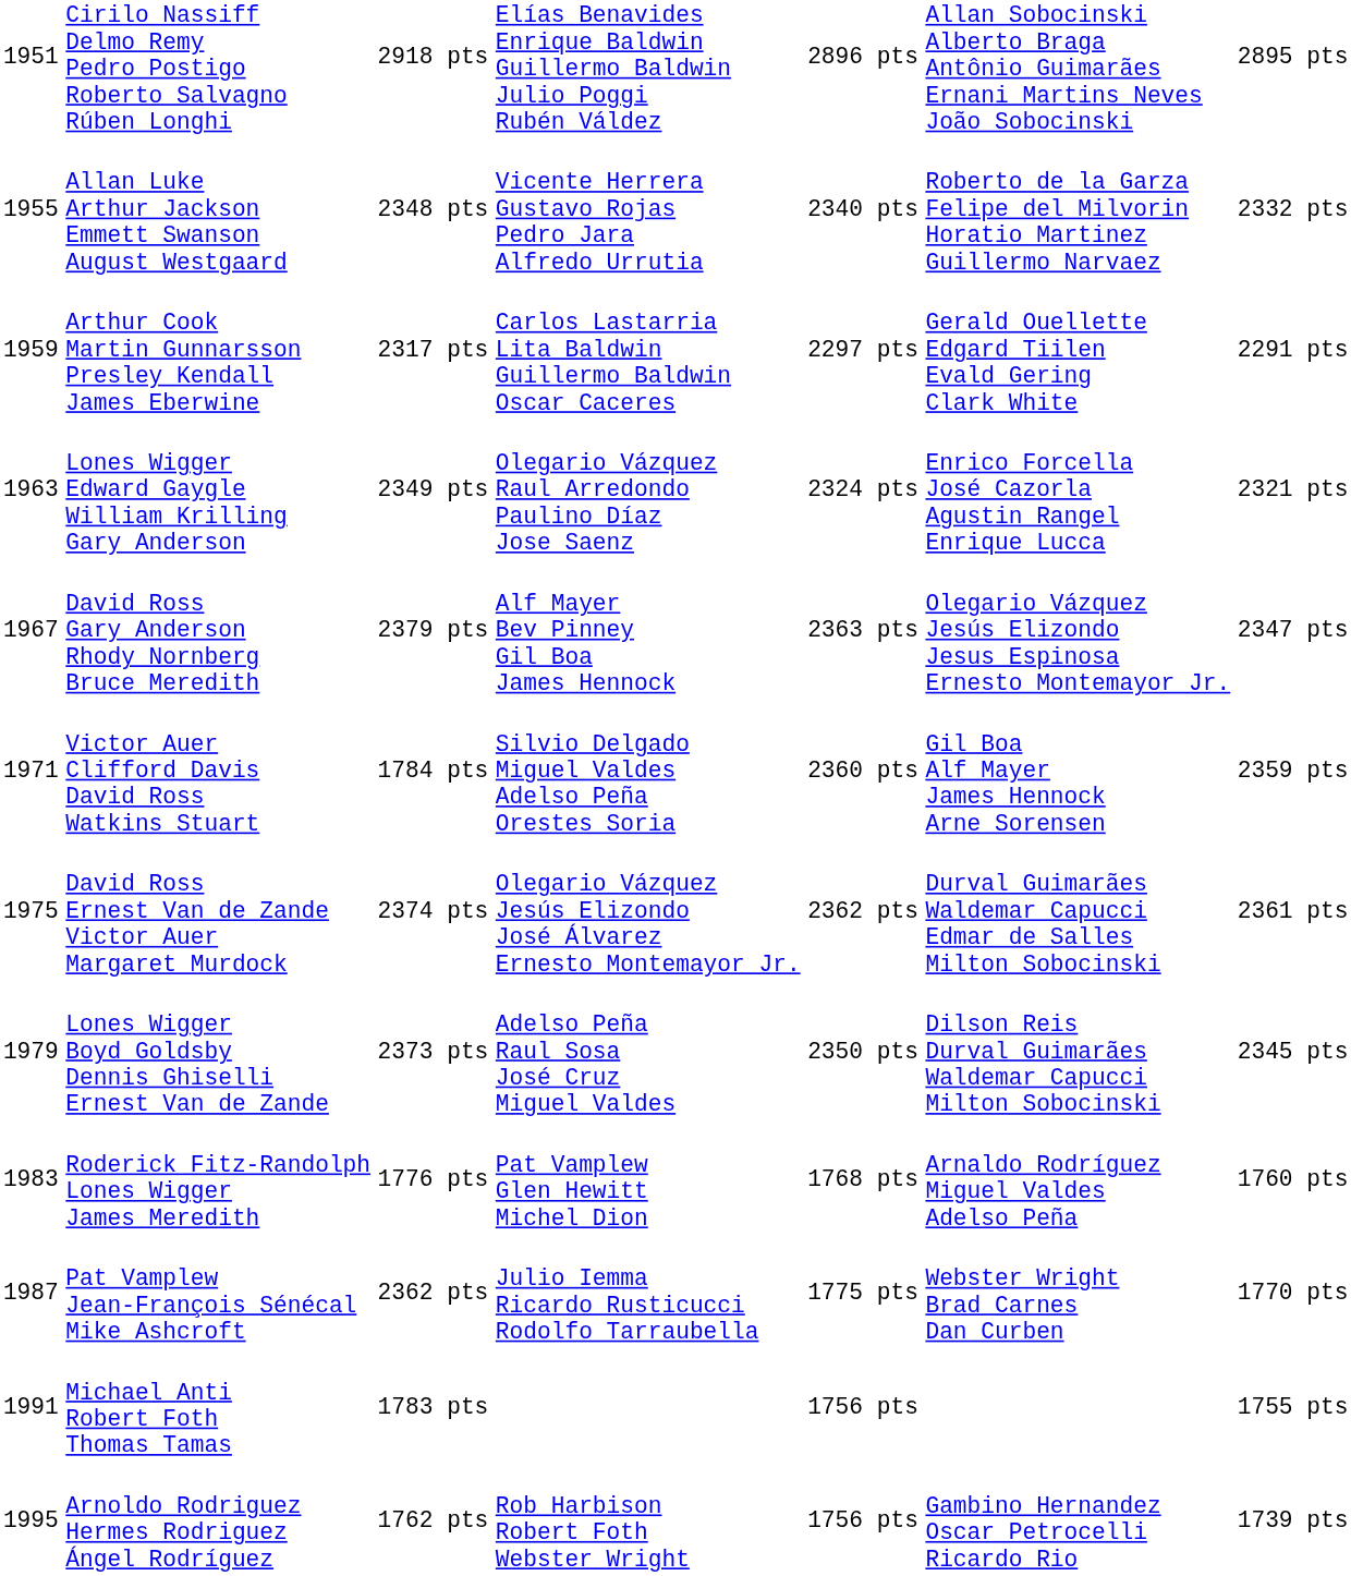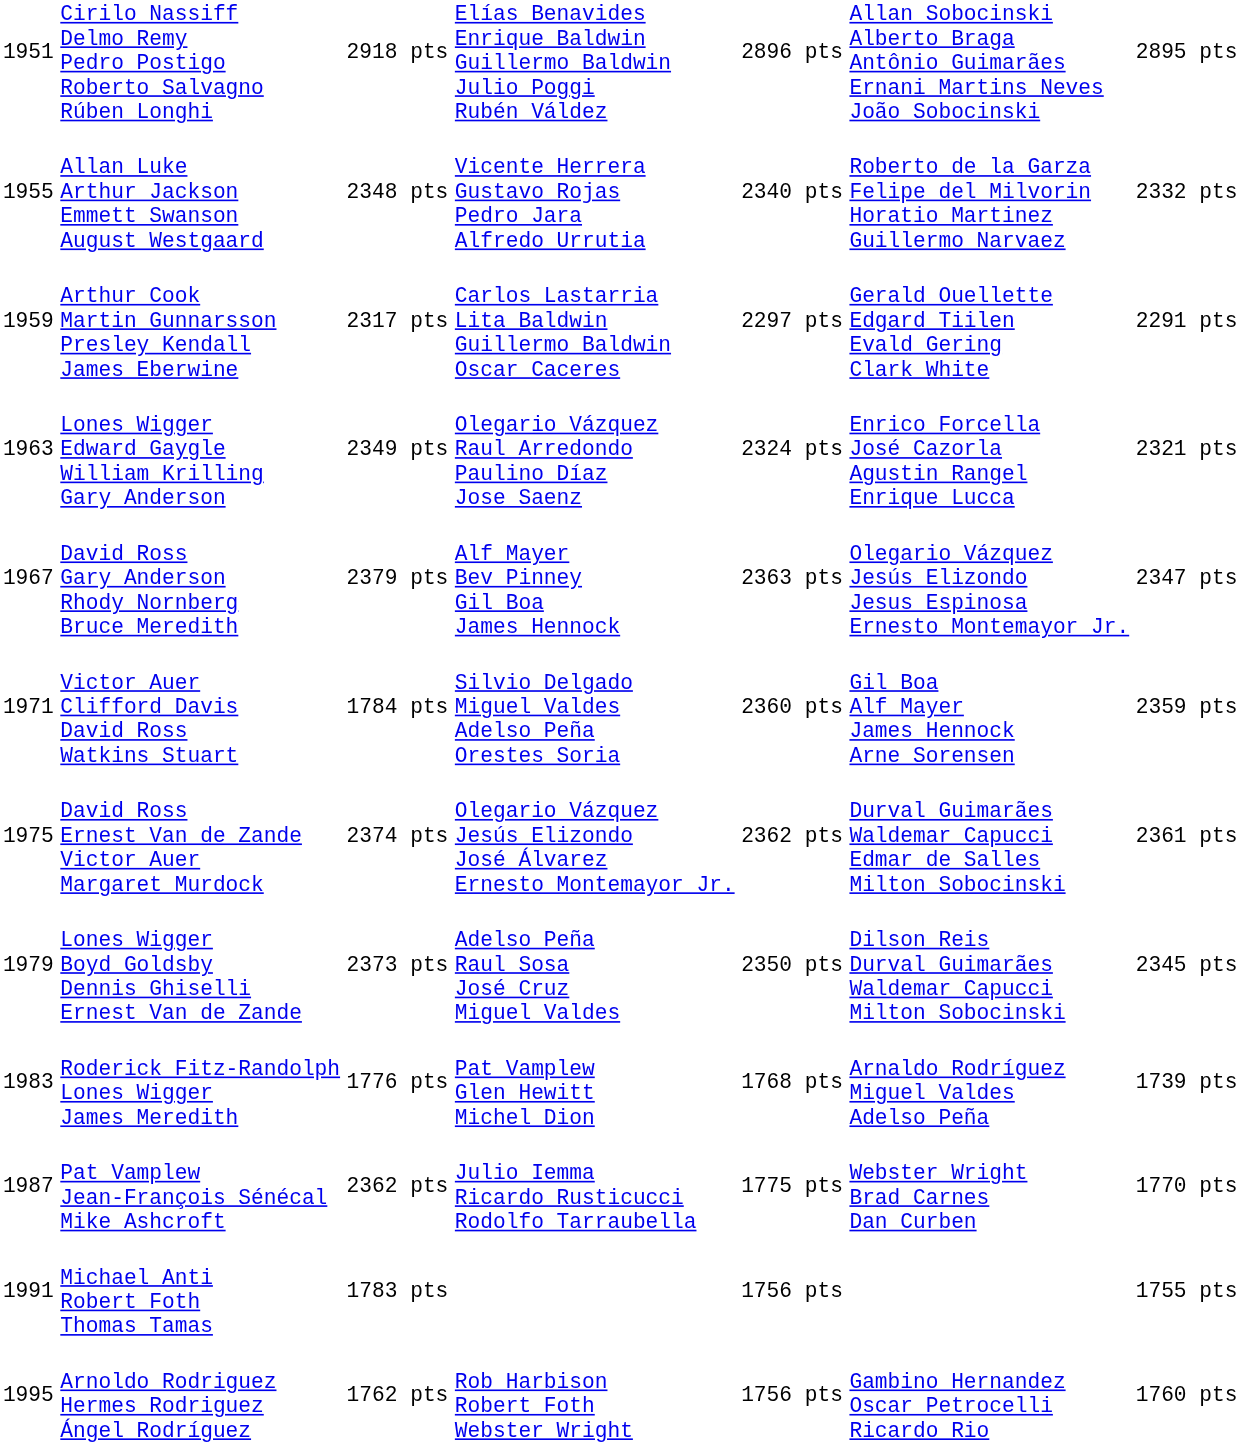 <table>
 <tr>
 <td>1951</td>
 <td><br><a href='#'>Cirilo Nassiff</a> <br><a href='#'>Delmo Remy</a> <br> <a href='#'>Pedro Postigo</a> <br> <a href='#'>Roberto Salvagno</a> <br> <a href='#'>Rúben Longhi</a></td>
 <td>2918 pts</td>
 <td><br><a href='#'>Elías Benavides</a> <br><a href='#'>Enrique Baldwin</a> <br><a href='#'>Guillermo Baldwin</a> <br> <a href='#'>Julio Poggi</a> <br> <a href='#'>Rubén Váldez</a></td>
 <td>2896 pts</td>
 <td><br><a href='#'>Allan Sobocinski</a> <br><a href='#'>Alberto Braga</a> <br><a href='#'>Antônio Guimarães</a> <br> <a href='#'>Ernani Martins Neves</a> <br> <a href='#'>João Sobocinski</a></td>
 <td>2895 pts</td>
 </tr>
 <tr>
 <td>1955</td>
 <td><br><a href='#'>Allan Luke</a><br><a href='#'>Arthur Jackson</a><br><a href='#'>Emmett Swanson</a><br><a href='#'>August Westgaard</a></td>
 <td>2348 pts</td>
 <td><br><a href='#'>Vicente Herrera</a><br><a href='#'>Gustavo Rojas</a><br><a href='#'>Pedro Jara</a><br><a href='#'>Alfredo Urrutia</a></td>
 <td>2340 pts</td>
 <td><br><a href='#'>Roberto de la Garza</a><br><a href='#'>Felipe del Milvorin</a><br><a href='#'>Horatio Martinez</a><br><a href='#'>Guillermo Narvaez</a></td>
 <td>2332 pts</td>
 </tr>
 <tr>
 <td>1959</td>
 <td><br><a href='#'>Arthur Cook</a><br><a href='#'>Martin Gunnarsson</a><br><a href='#'>Presley Kendall</a><br><a href='#'>James Eberwine</a></td>
 <td>2317 pts</td>
 <td><br><a href='#'>Carlos Lastarria</a><br><a href='#'>Lita Baldwin</a><br><a href='#'>Guillermo Baldwin</a><br><a href='#'>Oscar Caceres</a></td>
 <td>2297 pts</td>
 <td><br><a href='#'>Gerald Ouellette</a><br><a href='#'>Edgard Tiilen</a><br><a href='#'>Evald Gering</a><br><a href='#'>Clark White</a></td>
 <td>2291 pts</td>
 </tr>
 <tr>
 <td>1963</td>
 <td><br><a href='#'>Lones Wigger</a><br><a href='#'>Edward Gaygle</a><br><a href='#'>William Krilling</a><br><a href='#'>Gary Anderson</a></td>
 <td>2349 pts</td>
 <td><br><a href='#'>Olegario Vázquez</a><br><a href='#'>Raul Arredondo</a><br><a href='#'>Paulino Díaz</a><br><a href='#'>Jose Saenz</a></td>
 <td>2324 pts</td>
 <td><br><a href='#'>Enrico Forcella</a><br><a href='#'>José Cazorla</a><br><a href='#'>Agustin Rangel</a><br><a href='#'>Enrique Lucca</a></td>
 <td>2321 pts</td>
 </tr>
 <tr>
 <td>1967</td>
 <td><br><a href='#'>David Ross</a><br><a href='#'>Gary Anderson</a><br><a href='#'>Rhody Nornberg</a><br><a href='#'>Bruce Meredith</a></td>
 <td>2379 pts</td>
 <td><br><a href='#'>Alf Mayer</a><br><a href='#'>Bev Pinney</a><br><a href='#'>Gil Boa</a><br><a href='#'>James Hennock</a></td>
 <td>2363 pts</td>
 <td><br><a href='#'>Olegario Vázquez</a><br><a href='#'>Jesús Elizondo</a><br><a href='#'>Jesus Espinosa</a><br><a href='#'>Ernesto Montemayor Jr.</a></td>
 <td>2347 pts</td>
 </tr>
 <tr>
 <td>1971</td>
 <td><br><a href='#'>Victor Auer</a><br><a href='#'>Clifford Davis</a><br><a href='#'>David Ross</a><br><a href='#'>Watkins Stuart</a></td>
 <td>1784 pts</td>
 <td><br><a href='#'>Silvio Delgado</a><br><a href='#'>Miguel Valdes</a><br><a href='#'>Adelso Peña</a><br><a href='#'>Orestes Soria</a></td>
 <td>2360 pts</td>
 <td><br><a href='#'>Gil Boa</a><br><a href='#'>Alf Mayer</a><br><a href='#'>James Hennock</a><br><a href='#'>Arne Sorensen</a></td>
 <td>2359 pts</td>
 </tr>
 <tr>
 <td>1975</td>
 <td><br><a href='#'>David Ross</a><br><a href='#'>Ernest Van de Zande</a><br><a href='#'>Victor Auer</a><br><a href='#'>Margaret Murdock</a></td>
 <td>2374 pts</td>
 <td><br><a href='#'>Olegario Vázquez</a><br><a href='#'>Jesús Elizondo</a><br><a href='#'>José Álvarez</a><br><a href='#'>Ernesto Montemayor Jr.</a></td>
 <td>2362 pts</td>
 <td><br><a href='#'>Durval Guimarães</a><br><a href='#'>Waldemar Capucci</a><br><a href='#'>Edmar de Salles</a><br><a href='#'>Milton Sobocinski</a></td>
 <td>2361 pts</td>
 </tr>
 <tr>
 <td>1979</td>
 <td><br><a href='#'>Lones Wigger</a><br><a href='#'>Boyd Goldsby</a><br><a href='#'>Dennis Ghiselli</a><br><a href='#'>Ernest Van de Zande</a></td>
 <td>2373 pts</td>
 <td><br><a href='#'>Adelso Peña</a><br><a href='#'>Raul Sosa</a><br><a href='#'>José Cruz</a><br><a href='#'>Miguel Valdes</a></td>
 <td>2350 pts</td>
 <td><br><a href='#'>Dilson Reis</a><br><a href='#'>Durval Guimarães</a><br><a href='#'>Waldemar Capucci</a><br><a href='#'>Milton Sobocinski</a></td>
 <td>2345 pts</td>
 </tr>
 <tr>
 <td>1983</td>
 <td><br><a href='#'>Roderick Fitz-Randolph</a><br><a href='#'>Lones Wigger</a><br><a href='#'>James Meredith</a></td>
 <td>1776 pts</td>
 <td><br><a href='#'>Pat Vamplew</a><br><a href='#'>Glen Hewitt</a><br><a href='#'>Michel Dion</a></td>
 <td>1768 pts</td>
 <td><br><a href='#'>Arnaldo Rodríguez</a><br><a href='#'>Miguel Valdes</a><br><a href='#'>Adelso Peña</a></td>
-<td>1760 pts</td>
+<td>1739 pts</td>
 </tr>
 <tr>
 <td>1987</td>
 <td><br><a href='#'>Pat Vamplew</a><br><a href='#'>Jean-François Sénécal</a><br><a href='#'>Mike Ashcroft</a></td>
 <td>2362 pts</td>
 <td><br><a href='#'>Julio Iemma</a><br><a href='#'>Ricardo Rusticucci</a><br><a href='#'>Rodolfo Tarraubella</a></td>
 <td>1775 pts</td>
 <td><br><a href='#'>Webster Wright</a><br><a href='#'>Brad Carnes</a><br><a href='#'>Dan Curben</a></td>
 <td>1770 pts</td>
 </tr>
 <tr>
 <td>1991</td>
 <td><br><a href='#'>Michael Anti</a><br><a href='#'>Robert Foth</a><br><a href='#'>Thomas Tamas</a></td>
 <td>1783 pts</td>
 <td style="vertical-align:top;"></td>
 <td>1756 pts</td>
 <td style="vertical-align:top;"></td>
 <td>1755 pts</td>
 </tr>
 <tr>
 <td>1995</td>
 <td><br><a href='#'>Arnoldo Rodriguez</a><br><a href='#'>Hermes Rodriguez</a><br><a href='#'>Ángel Rodríguez</a></td>
 <td>1762 pts</td>
 <td><br><a href='#'>Rob Harbison</a><br><a href='#'>Robert Foth</a><br><a href='#'>Webster Wright</a></td>
 <td>1756 pts</td>
 <td><br><a href='#'>Gambino Hernandez</a><br><a href='#'>Oscar Petrocelli</a><br><a href='#'>Ricardo Rio</a></td>
-<td>1739 pts</td>
+<td>1760 pts</td>
 </tr>
 </table>
